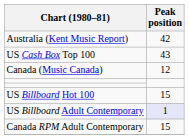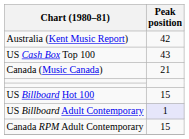 <table class="wikitable sortable">
 <tr>
 <th>Chart (1980–81)</th>
 <th>Peak<br>position</th>
 </tr>
 <tr>
 <td>Australia (<a href='#'>Kent Music Report</a>)</td>
 <td style="text-align:center;">42</td>
 </tr>
 <tr>
 <td>US <a href='#'><em>Cash Box</em></a> Top 100</td>
 <td style="text-align:center;">43</td>
 </tr>
 <tr>
 <td>Canada (<a href='#'>Music Canada</a>)</td>
-<td style="text-align:center;">12</td>
+<td style="text-align:center;">21</td>
 </tr>
 <tr>
 <td></td>
 </tr>
 <tr>
 <td></td>
 </tr>
 <tr>
 <td>US <em><a href='#'>Billboard</a></em> <a href='#'>Hot 100</a></td>
 <td style="text-align:center;">15</td>
 </tr>
 <tr>
 <td>US <em>Billboard</em> <a href='#'>Adult Contemporary</a></td>
 <td style="background: lavender; text-align:center;">1</td>
 </tr>
 <tr>
 <td>Canada <em>RPM</em> Adult Contemporary</td>
 <td align="center">15</td>
 </tr>
 <tr>
 </tr>
 </table>
